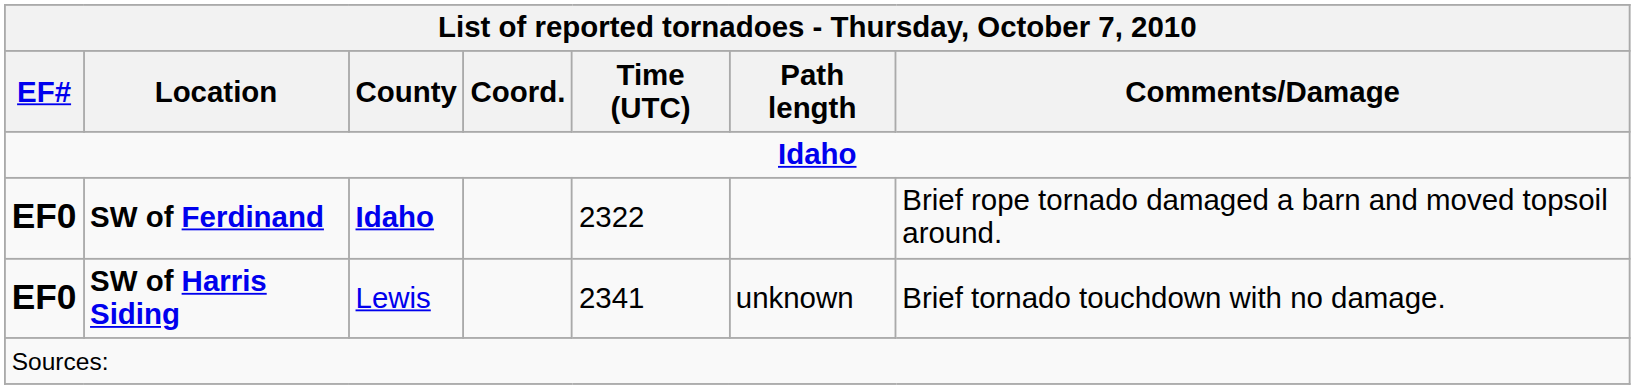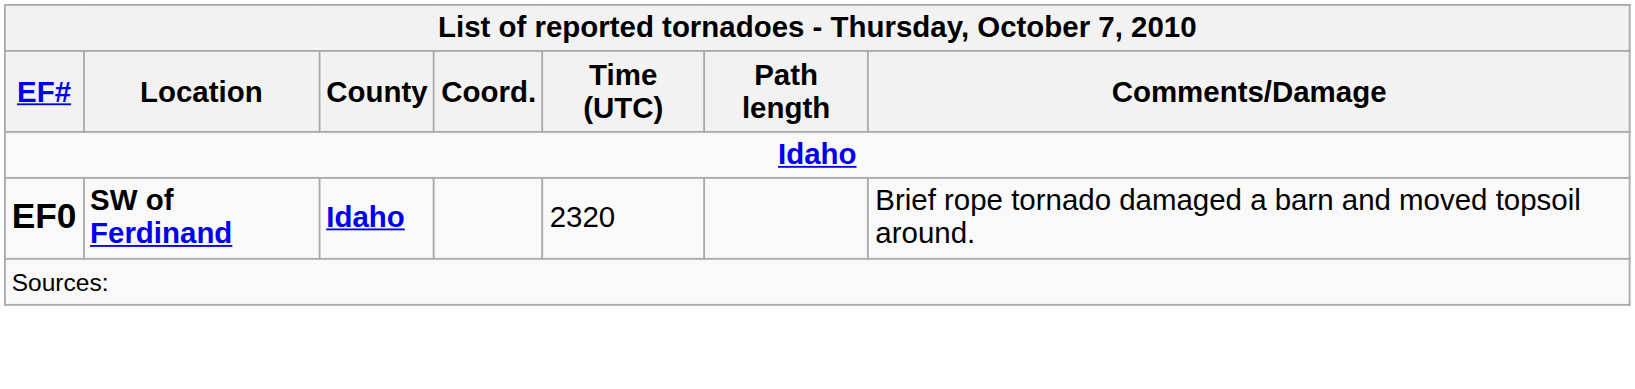 <table class="wikitable collapsible" width="100%">
 <tr>
 <th colspan="7">List of reported tornadoes - Thursday, October 7, 2010</th>
 </tr>
 <tr>
 <th><a href='#'>EF#</a></th>
 <th>Location</th>
 <th>County</th>
 <th>Coord.</th>
 <th>Time (UTC)</th>
 <th>Path length</th>
 <th>Comments/Damage</th>
 </tr>
 <tr>
 <td colspan="7" align=center><strong><a href='#'>Idaho</a></strong></td>
 </tr>
 <tr>
 <td><big><strong>EF0</strong></big></td>
 <td><strong>SW of <a href='#'>Ferdinand</a></strong></td>
 <td><strong><a href='#'>Idaho</a></strong></td>
 <td></td>
-<td>2322</td>
+<td>2320</td>
 <td></td>
 <td>Brief rope tornado damaged a barn and moved topsoil around.</td>
-</tr>
-<tr>
-<td><big><strong>EF0</strong></big></td>
-<td><strong>SW of <a href='#'>Harris Siding</a></strong></td>
-<td><a href='#'>Lewis</a></td>
-<td></td>
-<td>2341</td>
-<td>unknown</td>
-<td>Brief tornado touchdown with no damage.</td>
 </tr>
 <tr>
 <td colspan="7"><small>Sources: </small></td>
 </tr>
 </table>
